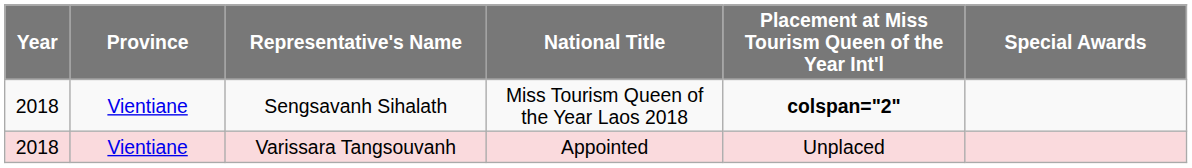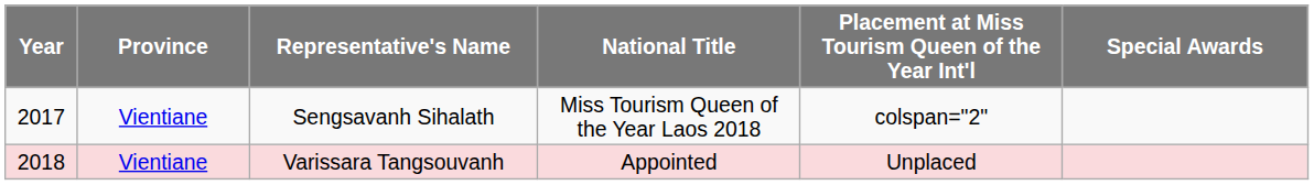 <table class="wikitable " style="font-size: 89%; text-align:center">
 <tr>
 <th width="50" style="background-color:#787878;color:#FFFFFF;">Year</th>
 <th width="150" style="background-color:#787878;color:#FFFFFF;">Province</th>
 <th width="250" style="background-color:#787878;color:#FFFFFF;">Representative's Name</th>
 <th width="260" style="background-color:#787878;color:#FFFFFF;">National Title</th>
 <th width="250" style="background-color:#787878;color:#FFFFFF;">Placement at Miss Tourism Queen of the Year Int'l</th>
 <th width="250" style="background-color:#787878;color:#FFFFFF;">Special Awards</th>
 </tr>
 <tr>
-<td>2018</td>
+<td>2017</td>
 <td><a href='#'>Vientiane</a></td>
 <td>Sengsavanh Sihalath</td>
 <td>Miss Tourism Queen of the Year Laos 2018</td>
-<td><strong>colspan="2" </strong></td>
+<td>colspan="2" </td>
 </tr>
 <tr style="background-color:#FADADD;">
 <td>2018</td>
 <td><a href='#'>Vientiane</a></td>
 <td>Varissara Tangsouvanh</td>
 <td>Appointed</td>
 <td>Unplaced</td>
 <td style="background:;"></td>
 </tr>
 </table>
